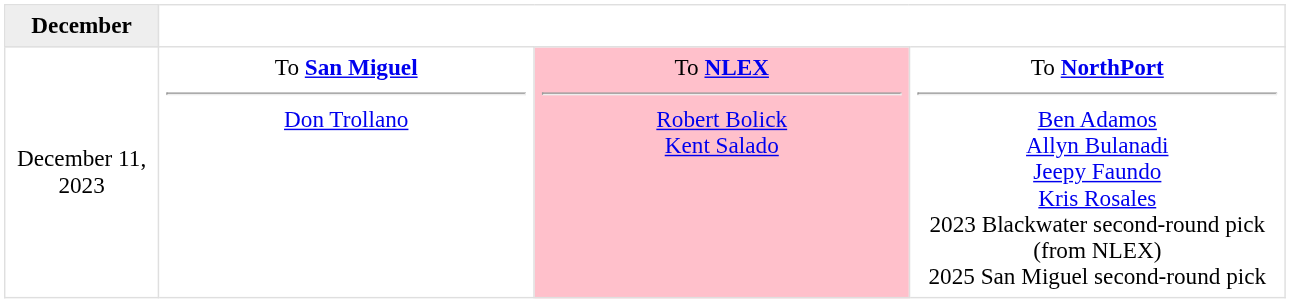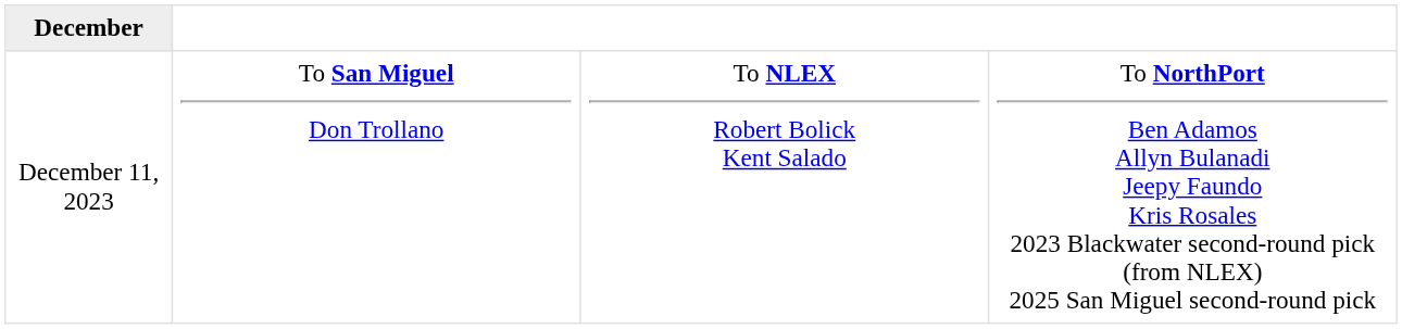 <table border=1 style="border-collapse:collapse; text-align: center; width: 100%" bordercolor="#DFDFDF"  cellpadding="5">
 <tr bgcolor="eeeeee">
 <th>December</th>
 </tr>
 <tr>
 <td style="width:12%" rowspan=2>December 11, 2023</td>
 </tr>
 <tr>
 <td style="width:29.3%" valign="top">To <strong><a href='#'>San Miguel</a></strong><hr><a href='#'>Don Trollano</a></td>
-<td style="background: pink; width:29.3%" valign="top">To <strong><a href='#'>NLEX</a></strong><hr><a href='#'>Robert Bolick</a><br><a href='#'>Kent Salado</a></td>
+<td style="width:29.3%" valign="top">To <strong><a href='#'>NLEX</a></strong><hr><a href='#'>Robert Bolick</a><br><a href='#'>Kent Salado</a></td>
 <td style="width:29.3%" valign="top">To <strong><a href='#'>NorthPort</a></strong><hr><a href='#'>Ben Adamos</a><br><a href='#'>Allyn Bulanadi</a><br><a href='#'>Jeepy Faundo</a><br><a href='#'>Kris Rosales</a><br>2023 Blackwater second-round pick (from NLEX)<br>2025 San Miguel second-round pick</td>
 </tr>
 </table>
